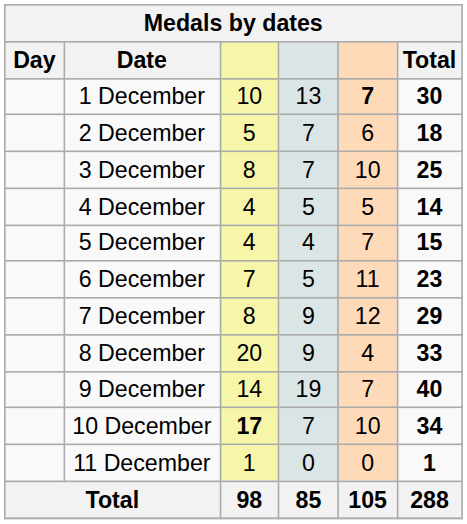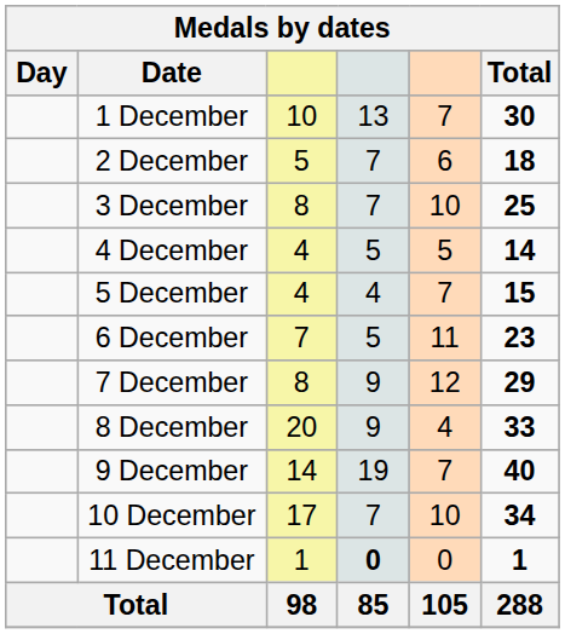 <table class="wikitable" style="font-size:90%; text-align:center;">
 <tr style="background:#efefef;">
 <th colspan=6><strong>Medals by dates</strong></th>
 </tr>
 <tr>
 <th width=30><strong>Day</strong></th>
 <th width=90><strong>Date</strong></th>
 <th width=30 style="background:#F7F6A8;"></th>
 <th width=30 style="background:#DCE5E5;"></th>
 <th width=30 style="background:#FFDAB9;"></th>
 <th width=30><strong>Total</strong></th>
 </tr>
 <tr>
 <td></td>
 <td>1 December</td>
 <td style="background:#F7F6A8;">10</td>
 <td style="background:#DCE5E5;">13</td>
-<td style="background:#FFDAB9;"><strong>7</strong></td>
+<td style="background:#FFDAB9;">7</td>
 <td><strong>30</strong></td>
 </tr>
 <tr>
 <td></td>
 <td>2 December</td>
 <td style="background:#F7F6A8;">5</td>
 <td style="background:#DCE5E5;">7</td>
 <td style="background:#FFDAB9;">6</td>
 <td><strong>18</strong></td>
 </tr>
 <tr>
 <td></td>
 <td>3 December</td>
 <td style="background:#F7F6A8;">8</td>
 <td style="background:#DCE5E5;">7</td>
 <td style="background:#FFDAB9;">10</td>
 <td><strong>25</strong></td>
 </tr>
 <tr>
 <td></td>
 <td>4 December</td>
 <td style="background:#F7F6A8;">4</td>
 <td style="background:#DCE5E5;">5</td>
 <td style="background:#FFDAB9;">5</td>
 <td><strong>14</strong></td>
 </tr>
 <tr>
 <td></td>
 <td>5 December</td>
 <td style="background:#F7F6A8;">4</td>
 <td style="background:#DCE5E5;">4</td>
 <td style="background:#FFDAB9;">7</td>
 <td><strong>15</strong></td>
 </tr>
 <tr>
 <td></td>
 <td>6 December</td>
 <td style="background:#F7F6A8;">7</td>
 <td style="background:#DCE5E5;">5</td>
 <td style="background:#FFDAB9;">11</td>
 <td><strong>23</strong></td>
 </tr>
 <tr>
 <td></td>
 <td>7 December</td>
 <td style="background:#F7F6A8;">8</td>
 <td style="background:#DCE5E5;">9</td>
 <td style="background:#FFDAB9;">12</td>
 <td><strong>29</strong></td>
 </tr>
 <tr>
 <td></td>
 <td>8 December</td>
 <td style="background:#F7F6A8;">20</td>
 <td style="background:#DCE5E5;">9</td>
 <td style="background:#FFDAB9;">4</td>
 <td><strong>33</strong></td>
 </tr>
 <tr>
 <td></td>
 <td>9 December</td>
 <td style="background:#F7F6A8;">14</td>
 <td style="background:#DCE5E5;">19</td>
 <td style="background:#FFDAB9;">7</td>
 <td><strong>40</strong></td>
 </tr>
 <tr>
 <td></td>
 <td>10 December</td>
-<td style="background:#F7F6A8;"><strong>17</strong></td>
+<td style="background:#F7F6A8;">17</td>
 <td style="background:#DCE5E5;">7</td>
 <td style="background:#FFDAB9;">10</td>
 <td><strong>34</strong></td>
 </tr>
 <tr>
 <td></td>
 <td>11 December</td>
 <td style="background:#F7F6A8;">1</td>
-<td style="background:#DCE5E5;">0</td>
+<td style="background:#DCE5E5;"><strong>0</strong></td>
 <td style="background:#FFDAB9;">0</td>
 <td><strong>1</strong></td>
 </tr>
 <tr>
 <th colspan="2"><strong>Total</strong></th>
 <th><strong>98</strong></th>
 <th><strong>85</strong></th>
 <th><strong>105</strong></th>
 <th><strong>288</strong></th>
 </tr>
 <tr>
 </tr>
 </table>
